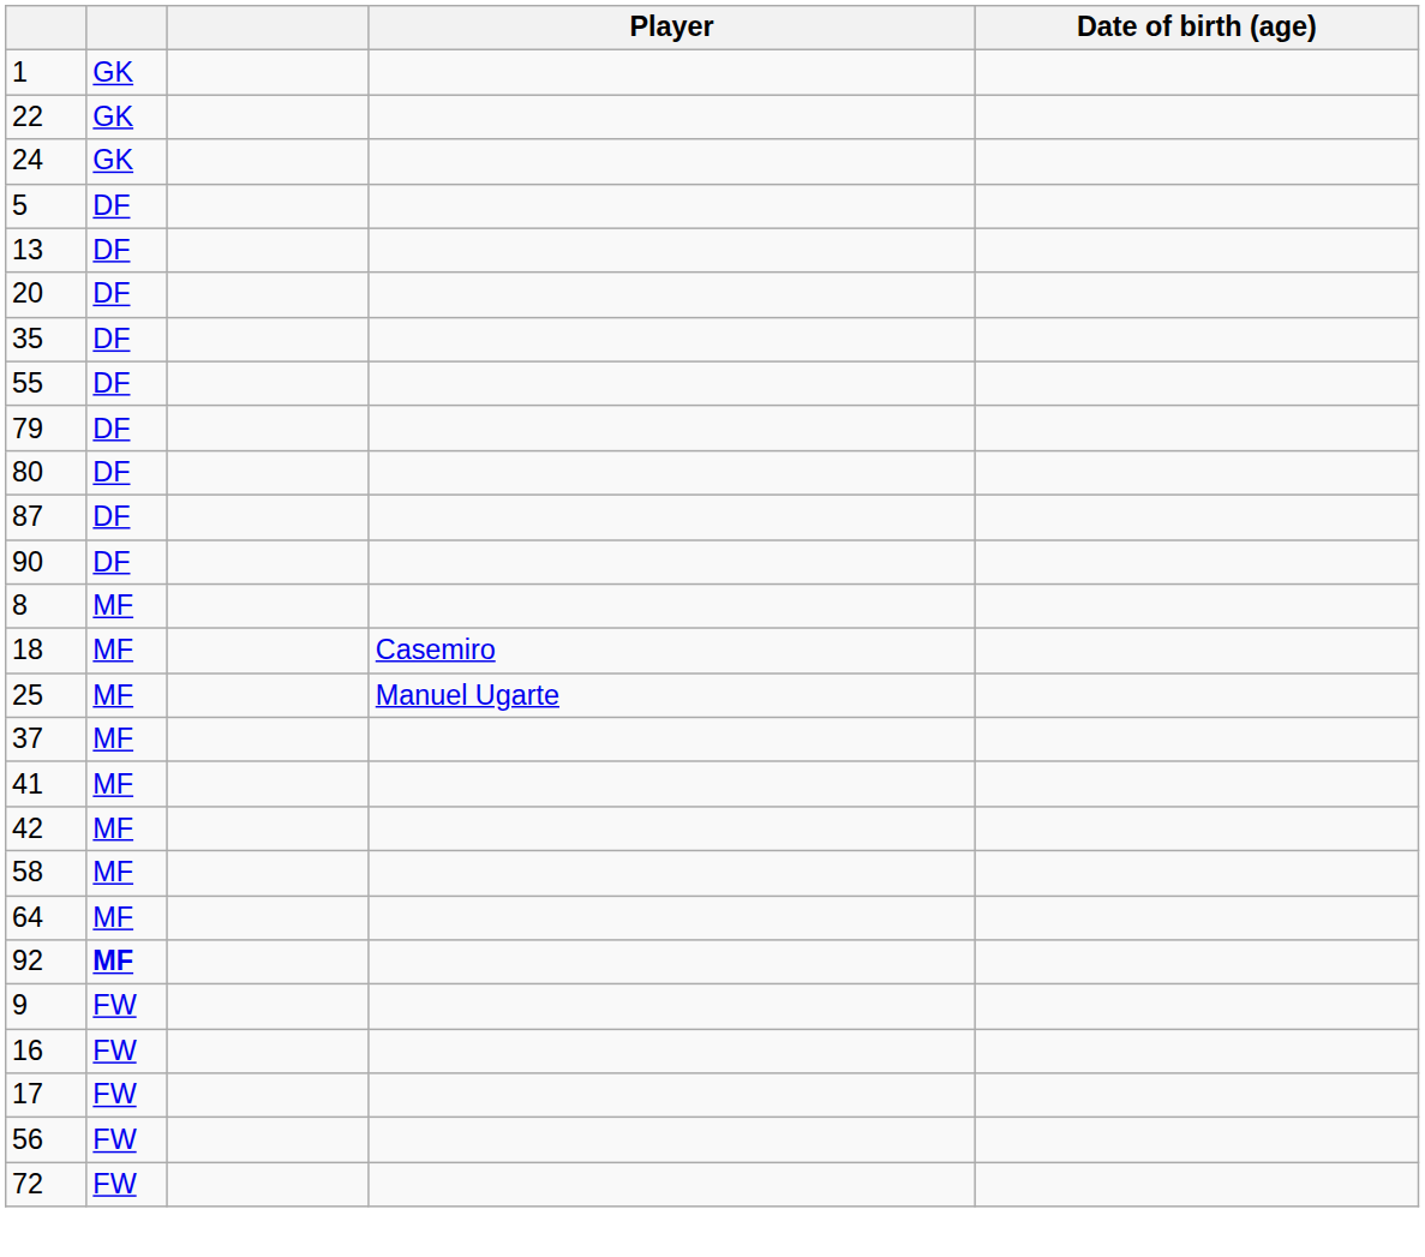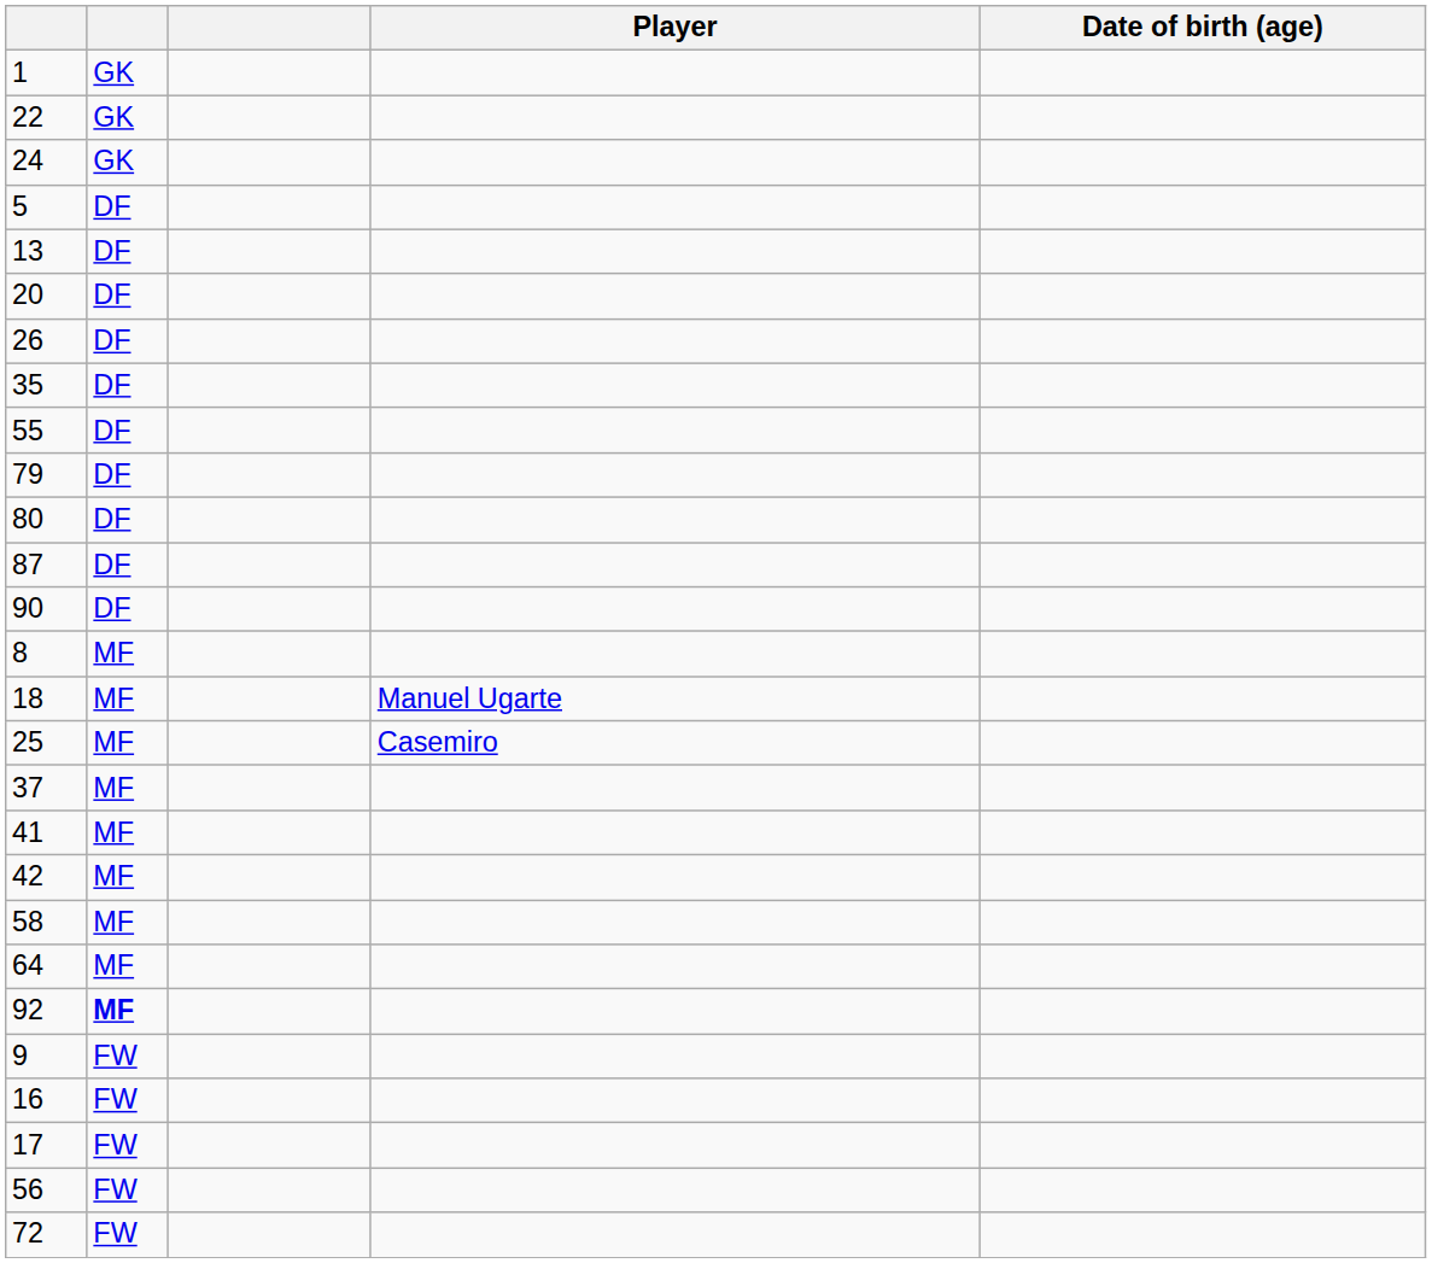 <table class="sortable wikitable plainrowheaders ">
 <tr>
 <th scope="col" style="width:4%"></th>
 <th scope="col" style="width:4%"></th>
 <th scope="col" style="width:10%"></th>
 <th scope="col" style="width:30%">Player</th>
 <th scope="col" style="width:22%">Date of birth (age)</th>
 </tr>
 <tr>
 <td>1</td>
 <td><a href='#'>GK</a></td>
 <td></td>
 <td></td>
 <td></td>
 </tr>
 <tr>
 <td>22</td>
 <td><a href='#'>GK</a></td>
 <td></td>
 <td></td>
 <td></td>
 </tr>
 <tr>
 <td>24</td>
 <td><a href='#'>GK</a></td>
 <td></td>
 <td></td>
 <td></td>
 </tr>
 <tr>
 <td>5</td>
 <td><a href='#'>DF</a></td>
 <td></td>
 <td></td>
 <td></td>
 </tr>
 <tr>
 <td>13</td>
 <td><a href='#'>DF</a></td>
 <td></td>
 <td></td>
 <td></td>
 </tr>
 <tr>
 <td>20</td>
+<td><a href='#'>DF</a></td>
+<td></td>
+<td></td>
+<td></td>
+</tr>
+<tr>
+<td>26</td>
 <td><a href='#'>DF</a></td>
 <td></td>
 <td></td>
 <td></td>
 </tr>
 <tr>
 <td>35</td>
 <td><a href='#'>DF</a></td>
 <td></td>
 <td></td>
 <td></td>
 </tr>
 <tr>
 <td>55</td>
 <td><a href='#'>DF</a></td>
 <td></td>
 <td></td>
 <td></td>
 </tr>
 <tr>
 <td>79</td>
 <td><a href='#'>DF</a></td>
 <td></td>
 <td></td>
 <td></td>
 </tr>
 <tr>
 <td>80</td>
 <td><a href='#'>DF</a></td>
 <td></td>
 <td></td>
 <td></td>
 </tr>
 <tr>
 <td>87</td>
 <td><a href='#'>DF</a></td>
 <td></td>
 <td></td>
 <td></td>
 </tr>
 <tr>
 <td>90</td>
 <td><a href='#'>DF</a></td>
 <td></td>
 <td></td>
 <td></td>
 </tr>
 <tr>
 <td>8</td>
 <td><a href='#'>MF</a></td>
 <td></td>
 <td></td>
 <td></td>
 </tr>
 <tr>
 <td>18</td>
 <td><a href='#'>MF</a></td>
 <td></td>
-<td><a href='#'>Casemiro</a></td>
+<td><a href='#'>Manuel Ugarte</a></td>
 <td></td>
 </tr>
 <tr>
 <td>25</td>
 <td><a href='#'>MF</a></td>
 <td></td>
-<td><a href='#'>Manuel Ugarte</a></td>
+<td><a href='#'>Casemiro</a></td>
 <td></td>
 </tr>
 <tr>
 <td>37</td>
 <td><a href='#'>MF</a></td>
 <td></td>
 <td></td>
 <td></td>
 </tr>
 <tr>
 <td>41</td>
 <td><a href='#'>MF</a></td>
 <td></td>
 <td></td>
 <td></td>
 </tr>
 <tr>
 <td>42</td>
 <td><a href='#'>MF</a></td>
 <td></td>
 <td></td>
 <td></td>
 </tr>
 <tr>
 <td>58</td>
 <td><a href='#'>MF</a></td>
 <td></td>
 <td></td>
 <td></td>
 </tr>
 <tr>
 <td>64</td>
 <td><a href='#'>MF</a></td>
 <td></td>
 <td></td>
 <td></td>
 </tr>
 <tr>
 <td>92</td>
 <td><strong><a href='#'>MF</a></strong></td>
 <td></td>
 <td></td>
 <td></td>
 </tr>
 <tr>
 <td>9</td>
 <td><a href='#'>FW</a></td>
 <td></td>
 <td></td>
 <td></td>
 </tr>
 <tr>
 <td>16</td>
 <td><a href='#'>FW</a></td>
 <td></td>
 <td></td>
 <td></td>
 </tr>
 <tr>
 <td>17</td>
 <td><a href='#'>FW</a></td>
 <td></td>
 <td></td>
 <td></td>
 </tr>
 <tr>
 <td>56</td>
 <td><a href='#'>FW</a></td>
 <td></td>
 <td></td>
 <td></td>
 </tr>
 <tr>
 <td>72</td>
 <td><a href='#'>FW</a></td>
 <td></td>
 <td></td>
 <td></td>
 </tr>
 </table>
